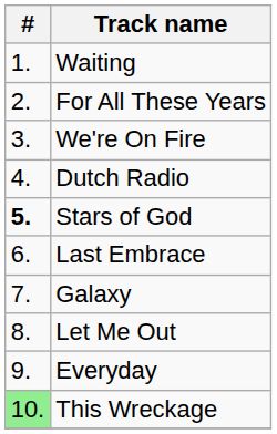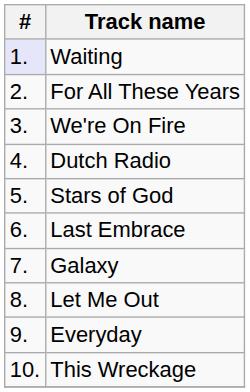 <table class="wikitable">
 <tr>
 <th>#</th>
 <th>Track name</th>
 </tr>
 <tr>
-<td>1.</td>
+<td style="background: lavender;">1.</td>
 <td>Waiting</td>
 </tr>
 <tr>
 <td>2.</td>
 <td>For All These Years</td>
 </tr>
 <tr>
 <td>3.</td>
 <td>We're On Fire</td>
 </tr>
 <tr>
 <td>4.</td>
 <td>Dutch Radio</td>
 </tr>
 <tr>
-<td><strong>5.</strong></td>
+<td>5.</td>
 <td>Stars of God</td>
 </tr>
 <tr>
 <td>6.</td>
 <td>Last Embrace</td>
 </tr>
 <tr>
 <td>7.</td>
 <td>Galaxy</td>
 </tr>
 <tr>
 <td>8.</td>
 <td>Let Me Out</td>
 </tr>
 <tr>
 <td>9.</td>
 <td>Everyday</td>
 </tr>
 <tr>
-<td style="background: lightgreen;">10.</td>
+<td>10.</td>
 <td>This Wreckage</td>
 </tr>
 <tr>
 </tr>
 </table>
